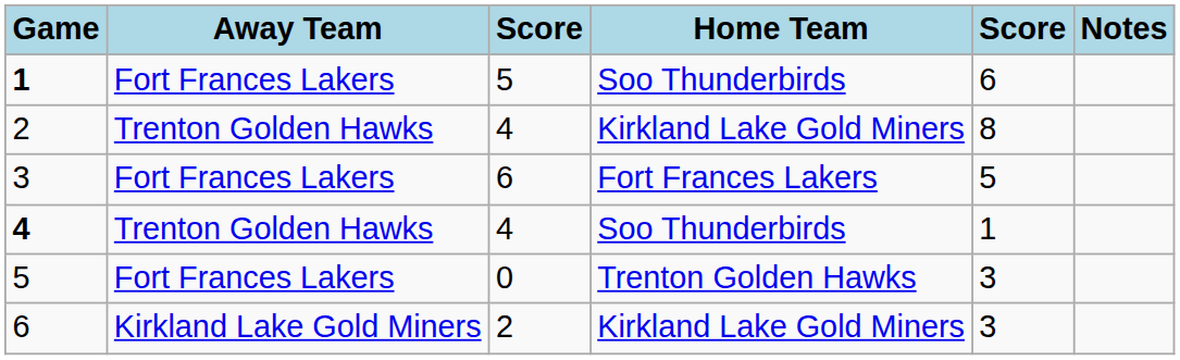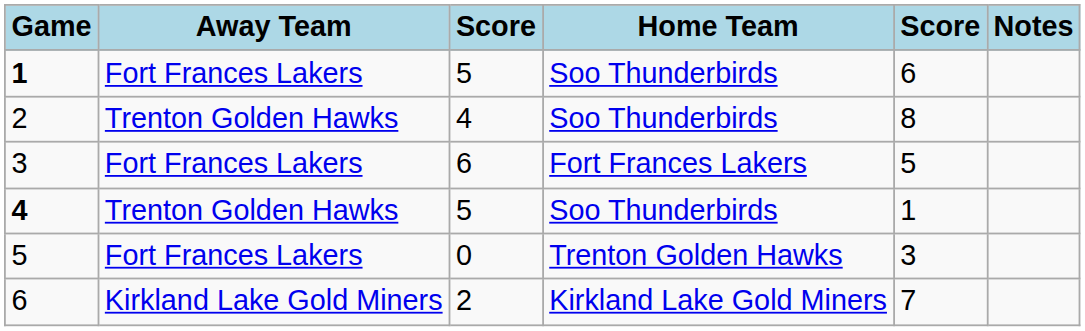 <table class="wikitable">
 <tr>
 <th style="background:lightblue;">Game</th>
 <th style="background:lightblue;">Away Team</th>
 <th style="background:lightblue;">Score</th>
 <th style="background:lightblue;">Home Team</th>
 <th style="background:lightblue;">Score</th>
 <th style="background:lightblue;">Notes</th>
 </tr>
 <tr>
 <td><strong>1</strong></td>
 <td><a href='#'>Fort Frances Lakers</a></td>
 <td>5</td>
 <td><a href='#'>Soo Thunderbirds</a></td>
 <td>6</td>
 <td></td>
 </tr>
 <tr>
 <td>2</td>
 <td><a href='#'>Trenton Golden Hawks</a></td>
 <td>4</td>
-<td><a href='#'>Kirkland Lake Gold Miners</a></td>
+<td><a href='#'>Soo Thunderbirds</a></td>
 <td>8</td>
 <td></td>
 </tr>
 <tr>
 <td>3</td>
 <td><a href='#'>Fort Frances Lakers</a></td>
 <td>6</td>
 <td><a href='#'>Fort Frances Lakers</a></td>
 <td>5</td>
 <td></td>
 </tr>
 <tr>
 <td><strong>4</strong></td>
 <td><a href='#'>Trenton Golden Hawks</a></td>
-<td>4</td>
+<td>5</td>
 <td><a href='#'>Soo Thunderbirds</a></td>
 <td>1</td>
 <td></td>
 </tr>
 <tr>
 <td>5</td>
 <td><a href='#'>Fort Frances Lakers</a></td>
 <td>0</td>
 <td><a href='#'>Trenton Golden Hawks</a></td>
 <td>3</td>
 <td></td>
 </tr>
 <tr>
 <td>6</td>
 <td><a href='#'>Kirkland Lake Gold Miners</a></td>
 <td>2</td>
 <td><a href='#'>Kirkland Lake Gold Miners</a></td>
-<td>3</td>
+<td>7</td>
 <td></td>
 </tr>
 </table>
